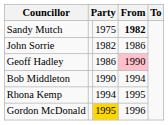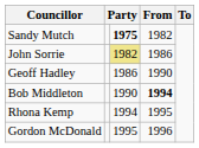 <table class=wikitable>
 <tr>
 <th>Councillor</th>
 <th colspan=2>Party</th>
 <th>From</th>
 <th>To</th>
 </tr>
 <tr>
 <td>Sandy Mutch</td>
 <td></td>
-<td align=right>1975</td>
-<td align=right><strong>1982</strong></td>
+<td align=right><strong>1975</strong></td>
+<td align=right>1982</td>
 </tr>
 <tr>
 <td>John Sorrie</td>
 <td></td>
-<td align=right>1982</td>
+<td align=right style="background: khaki;">1982</td>
 <td align=right>1986</td>
 </tr>
 <tr>
 <td>Geoff Hadley</td>
 <td></td>
 <td align=right>1986</td>
-<td align=right style="background: pink;">1990</td>
+<td align=right>1990</td>
 </tr>
 <tr>
 <td>Bob Middleton</td>
 <td></td>
 <td align=right>1990</td>
-<td align=right>1994</td>
+<td align=right><strong>1994</strong></td>
 </tr>
 <tr>
 <td>Rhona Kemp</td>
 <td></td>
 <td align=right>1994</td>
 <td align=right>1995</td>
 </tr>
 <tr>
 <td>Gordon McDonald</td>
 <td></td>
-<td align=right style="background: gold;">1995</td>
+<td align=right>1995</td>
 <td align=right>1996</td>
 </tr>
 </table>
